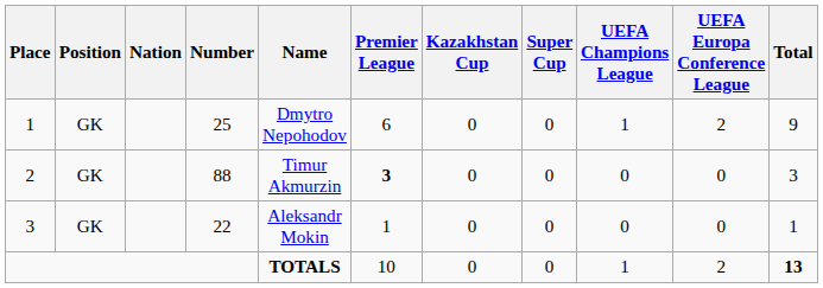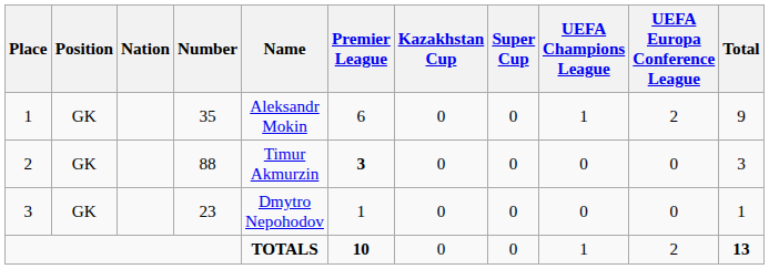 <table class="wikitable" style="font-size: 95%; text-align: center;">
 <tr>
 <th width=60>Place</th>
 <th width=60>Position</th>
 <th width=60>Nation</th>
 <th width=60>Number</th>
 <th width=200>Name</th>
 <th width=150><a href='#'>Premier League</a></th>
 <th width=150><a href='#'>Kazakhstan Cup</a></th>
 <th width=150><a href='#'>Super Cup</a></th>
 <th width=250><a href='#'>UEFA Champions League</a></th>
 <th width=250><a href='#'>UEFA Europa Conference League</a></th>
 <th width=80>Total</th>
 </tr>
 <tr>
 <td>1</td>
 <td>GK</td>
 <td></td>
-<td>25</td>
-<td><a href='#'>Dmytro Nepohodov</a></td>
+<td>35</td>
+<td><a href='#'>Aleksandr Mokin</a></td>
 <td>6</td>
 <td>0</td>
 <td>0</td>
 <td>1</td>
 <td>2</td>
 <td>9</td>
 </tr>
 <tr>
 <td>2</td>
 <td>GK</td>
 <td></td>
 <td>88</td>
 <td><a href='#'>Timur Akmurzin</a></td>
 <td><strong>3</strong></td>
 <td>0</td>
 <td>0</td>
 <td>0</td>
 <td>0</td>
 <td>3</td>
 </tr>
 <tr>
 <td>3</td>
 <td>GK</td>
 <td></td>
-<td>22</td>
-<td><a href='#'>Aleksandr Mokin</a></td>
+<td>23</td>
+<td><a href='#'>Dmytro Nepohodov</a></td>
 <td>1</td>
 <td>0</td>
 <td>0</td>
 <td>0</td>
 <td>0</td>
 <td>1</td>
 </tr>
 <tr>
 <td colspan="4"></td>
 <td><strong>TOTALS</strong></td>
-<td>10</td>
+<td><strong>10</strong></td>
 <td>0</td>
 <td>0</td>
 <td>1</td>
 <td>2</td>
 <td><strong>13</strong></td>
 </tr>
 </table>
